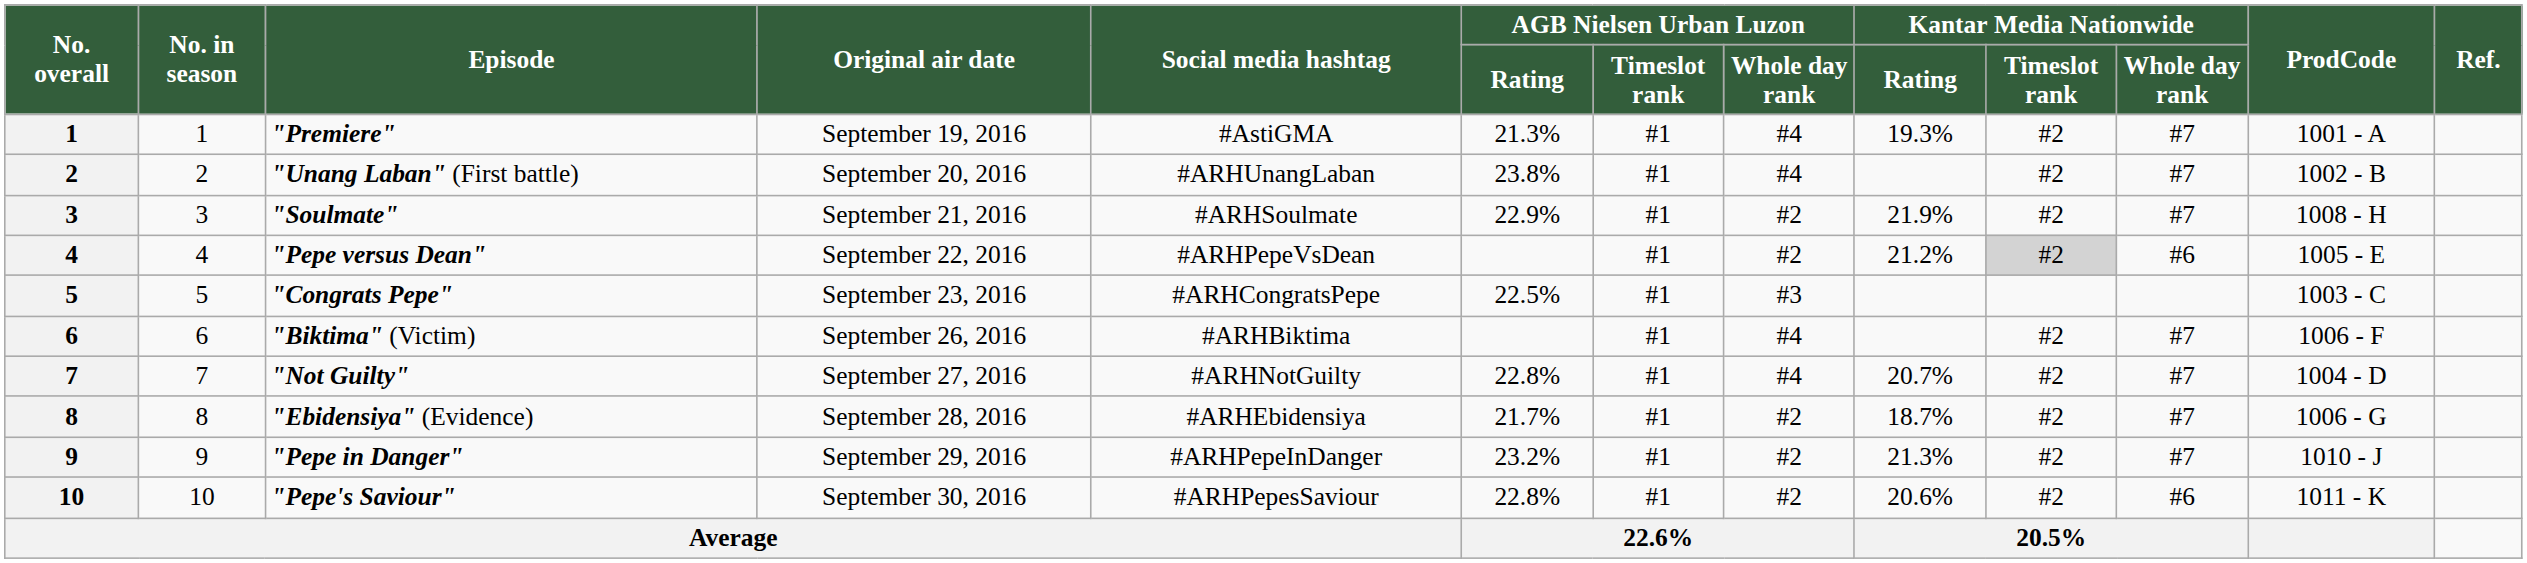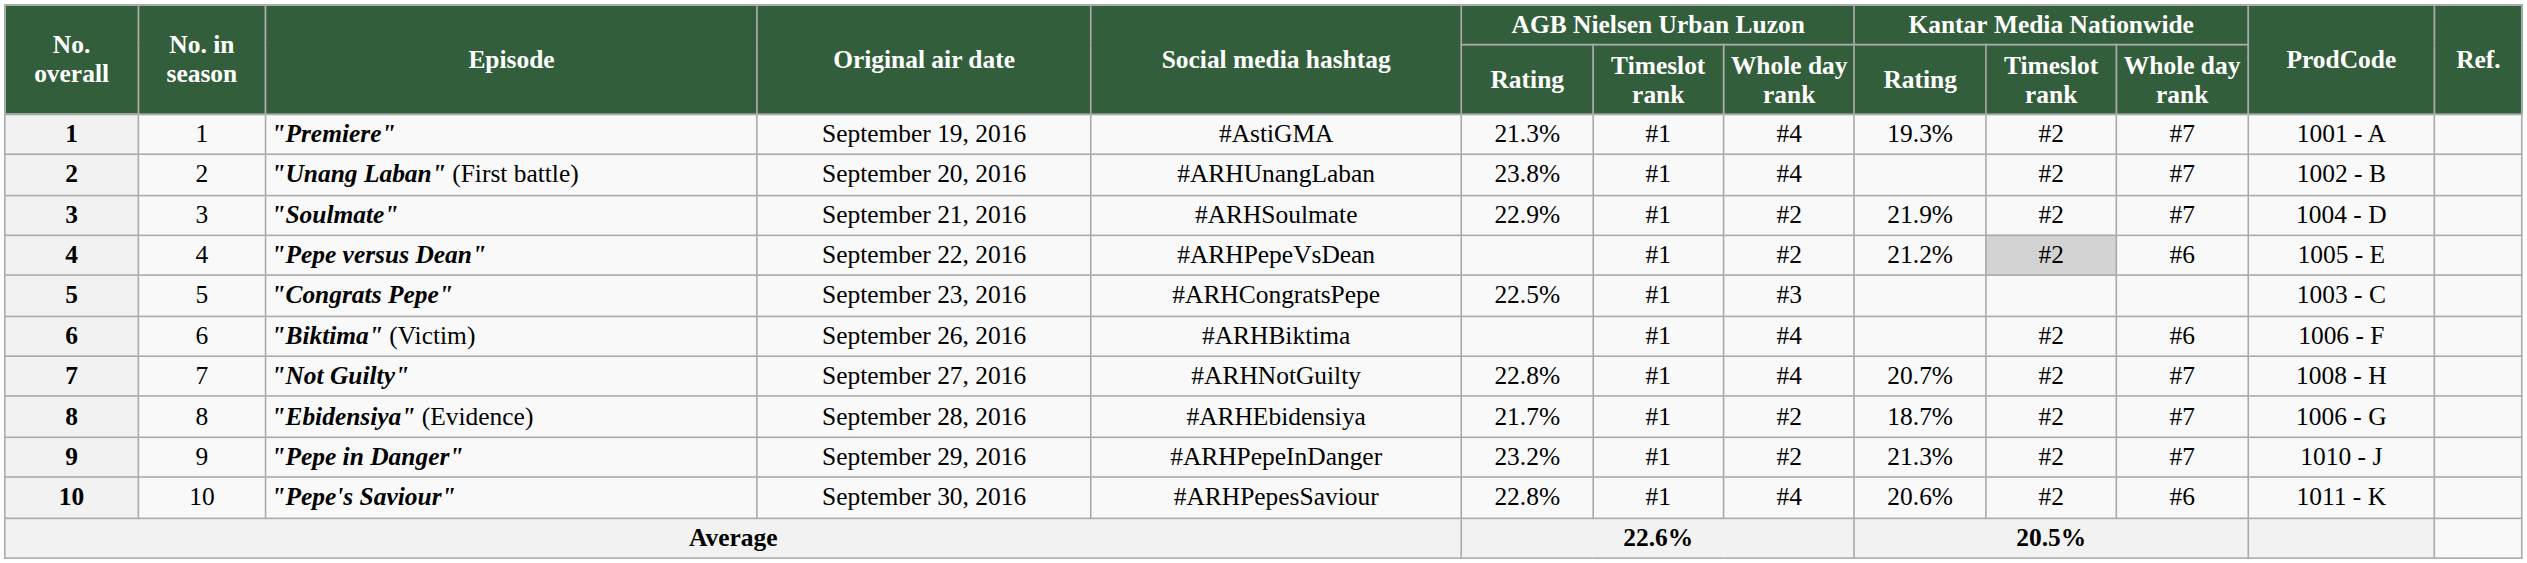 <table class="wikitable" style="text-align:center; font-size:100%; line-height:18px;"  width="100%">
 <tr>
 <th style="background-color:#335E3B; color:#ffffff;" rowspan="2">No.<br>overall</th>
 <th style="background-color:#335E3B; color:#ffffff;" rowspan="2">No. in<br>season</th>
 <th style="background-color:#335E3B; color:#ffffff;" rowspan="2">Episode</th>
 <th style="background:#335E3B; color:white" rowspan="2">Original air date</th>
 <th style="background:#335E3B; color:white" rowspan="2">Social media hashtag</th>
 <th style="background-color:#335E3B; color:#ffffff;" colspan="3">AGB Nielsen Urban Luzon</th>
 <th style="background-color:#335E3B; color:#ffffff;" colspan="3">Kantar Media Nationwide</th>
 <th style="background-color:#335E3B; color:#ffffff;" rowspan="2">ProdCode</th>
 <th style="background-color:#335E3B; color:#ffffff;" rowspan="2">Ref.</th>
 </tr>
 <tr>
 <th style="background-color:#335E3B; width:75px; color:#ffffff;">Rating</th>
 <th style="background-color:#335E3B; width:75px; color:#ffffff;">Timeslot<br>rank</th>
 <th style="background-color:#335E3B; width:75px; color:#ffffff;">Whole day<br>rank</th>
 <th style="background-color:#335E3B; width:75px; color:#ffffff;">Rating</th>
 <th style="background-color:#335E3B; width:75px; color:#ffffff;">Timeslot<br>rank</th>
 <th style="background-color:#335E3B; width:75px; color:#ffffff;">Whole day<br>rank</th>
 </tr>
 <tr>
 <th>1</th>
 <td>1</td>
 <td style="text-align: left;"><strong><em>"Premiere"</em></strong></td>
 <td>September 19, 2016</td>
 <td>#AstiGMA</td>
 <td>21.3%</td>
 <td>#1</td>
 <td>#4</td>
 <td>19.3%</td>
 <td>#2</td>
 <td>#7</td>
 <td>1001 - A</td>
 <td></td>
 </tr>
 <tr>
 <th>2</th>
 <td>2</td>
 <td style="text-align: left;"><strong><em>"Unang Laban"</em></strong> (First battle)</td>
 <td>September 20, 2016</td>
 <td>#ARHUnangLaban</td>
 <td>23.8%</td>
 <td>#1</td>
 <td>#4</td>
 <td></td>
 <td>#2</td>
 <td>#7</td>
 <td>1002 - B</td>
 <td></td>
 </tr>
 <tr>
 <th>3</th>
 <td>3</td>
 <td style="text-align: left;"><strong><em>"Soulmate"</em></strong></td>
 <td>September 21, 2016</td>
 <td>#ARHSoulmate</td>
 <td>22.9%</td>
 <td>#1</td>
 <td>#2</td>
 <td>21.9%</td>
 <td>#2</td>
 <td>#7</td>
-<td>1008 - H</td>
+<td>1004 - D</td>
 <td></td>
 </tr>
 <tr>
 <th>4</th>
 <td>4</td>
 <td style="text-align: left;"><strong><em>"Pepe versus Dean"</em></strong></td>
 <td>September 22, 2016</td>
 <td>#ARHPepeVsDean</td>
 <td></td>
 <td>#1</td>
 <td>#2</td>
 <td>21.2%</td>
 <td style="background: lightgrey;">#2</td>
 <td>#6</td>
 <td>1005 - E</td>
 <td></td>
 </tr>
 <tr>
 <th>5</th>
 <td>5</td>
 <td style="text-align: left;"><strong><em>"Congrats Pepe"</em></strong></td>
 <td>September 23, 2016</td>
 <td>#ARHCongratsPepe</td>
 <td>22.5%</td>
 <td>#1</td>
 <td>#3</td>
 <td></td>
 <td></td>
 <td></td>
 <td>1003 - C</td>
 <td></td>
 </tr>
 <tr>
 <th>6</th>
 <td>6</td>
 <td style="text-align: left;"><strong><em>"Biktima"</em></strong> (Victim)</td>
 <td>September 26, 2016</td>
 <td>#ARHBiktima</td>
 <td></td>
 <td>#1</td>
 <td>#4</td>
 <td></td>
 <td>#2</td>
-<td>#7</td>
+<td>#6</td>
 <td>1006 - F</td>
 <td></td>
 </tr>
 <tr>
 <th>7</th>
 <td>7</td>
 <td style="text-align: left;"><strong><em>"Not Guilty"</em></strong></td>
 <td>September 27, 2016</td>
 <td>#ARHNotGuilty</td>
 <td>22.8%</td>
 <td>#1</td>
 <td>#4</td>
 <td>20.7%</td>
 <td>#2</td>
 <td>#7</td>
-<td>1004 - D</td>
+<td>1008 - H</td>
 <td></td>
 </tr>
 <tr>
 <th>8</th>
 <td>8</td>
 <td style="text-align: left;"><strong><em>"Ebidensiya"</em></strong> (Evidence)</td>
 <td>September 28, 2016</td>
 <td>#ARHEbidensiya</td>
 <td>21.7%</td>
 <td>#1</td>
 <td>#2</td>
 <td>18.7%</td>
 <td>#2</td>
 <td>#7</td>
 <td>1006 - G</td>
 <td></td>
 </tr>
 <tr>
 <th>9</th>
 <td>9</td>
 <td style="text-align: left;"><strong><em>"Pepe in Danger"</em></strong></td>
 <td>September 29, 2016</td>
 <td>#ARHPepeInDanger</td>
 <td>23.2%</td>
 <td>#1</td>
 <td>#2</td>
 <td>21.3%</td>
 <td>#2</td>
 <td>#7</td>
 <td>1010 - J</td>
 <td></td>
 </tr>
 <tr>
 <th>10</th>
 <td>10</td>
 <td style="text-align: left;"><strong><em>"Pepe's Saviour"</em></strong></td>
 <td>September 30, 2016</td>
 <td>#ARHPepesSaviour</td>
 <td>22.8%</td>
 <td>#1</td>
-<td>#2</td>
+<td>#4</td>
 <td>20.6%</td>
 <td>#2</td>
 <td>#6</td>
 <td>1011 - K</td>
 <td></td>
 </tr>
 <tr>
 <th colspan="5">Average</th>
 <th colspan="3">22.6%</th>
 <th colspan="3">20.5%</th>
 <th></th>
 </tr>
 </table>
